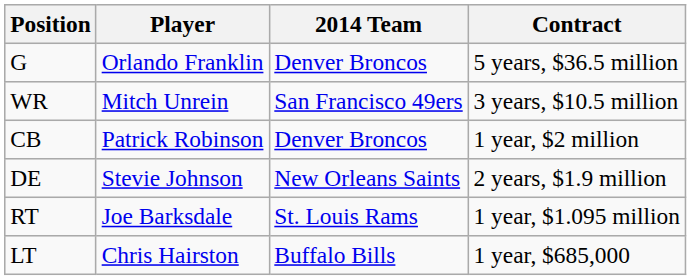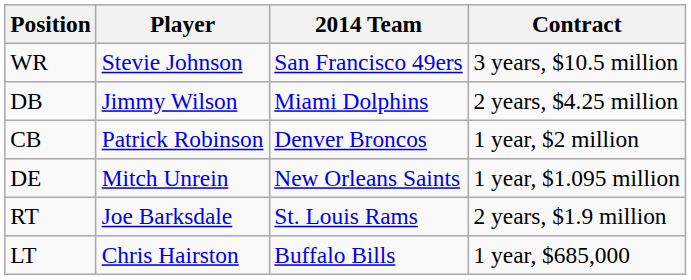 <table class="wikitable" style="font-size: 95%; text-align: left">
 <tr>
 <th>Position</th>
 <th>Player</th>
 <th>2014 Team</th>
 <th>Contract</th>
 </tr>
 <tr>
-<td>G</td>
-<td><a href='#'>Orlando Franklin</a></td>
-<td><a href='#'>Denver Broncos</a></td>
-<td>5 years, $36.5 million</td>
+<td>WR</td>
+<td><a href='#'>Stevie Johnson</a></td>
+<td><a href='#'>San Francisco 49ers</a></td>
+<td>3 years, $10.5 million</td>
 </tr>
 <tr>
-<td>WR</td>
-<td><a href='#'>Mitch Unrein</a></td>
-<td><a href='#'>San Francisco 49ers</a></td>
-<td>3 years, $10.5 million</td>
+<td>DB</td>
+<td><a href='#'>Jimmy Wilson</a></td>
+<td><a href='#'>Miami Dolphins</a></td>
+<td>2 years, $4.25 million</td>
 </tr>
 <tr>
 <td>CB</td>
 <td><a href='#'>Patrick Robinson</a></td>
 <td><a href='#'>Denver Broncos</a></td>
 <td>1 year, $2 million</td>
 </tr>
 <tr>
 <td>DE</td>
-<td><a href='#'>Stevie Johnson</a></td>
+<td><a href='#'>Mitch Unrein</a></td>
 <td><a href='#'>New Orleans Saints</a></td>
-<td>2 years, $1.9 million</td>
+<td>1 year, $1.095 million</td>
 </tr>
 <tr>
 <td>RT</td>
 <td><a href='#'>Joe Barksdale</a></td>
 <td><a href='#'>St. Louis Rams</a></td>
-<td>1 year, $1.095 million</td>
+<td>2 years, $1.9 million</td>
 </tr>
 <tr>
 <td>LT</td>
 <td><a href='#'>Chris Hairston</a></td>
 <td><a href='#'>Buffalo Bills</a></td>
 <td>1 year, $685,000</td>
 </tr>
 </table>
